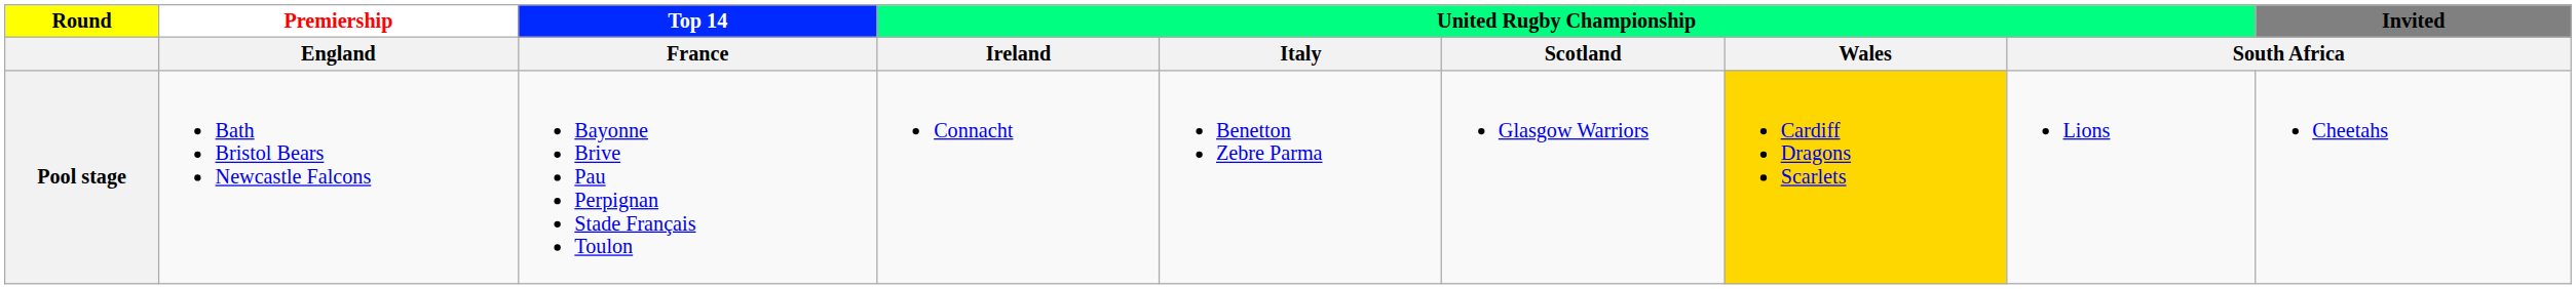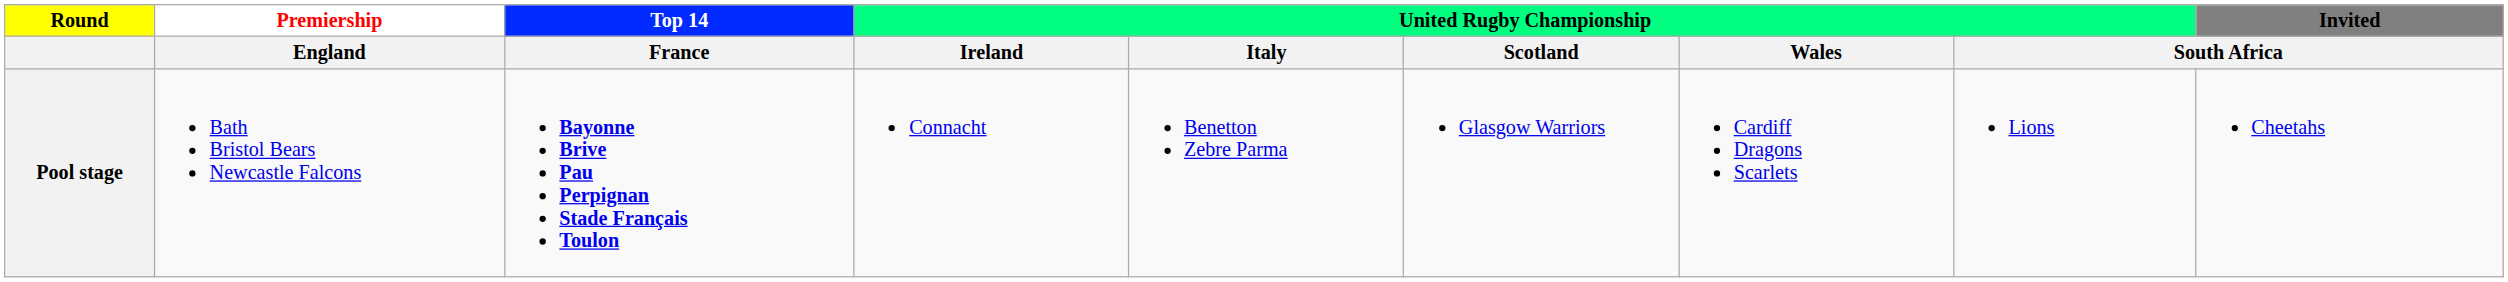 <table class="wikitable" style="width:100%">
 <tr>
 <th style="background:#ffff00">Round</th>
 <th style="background: #FFFFFF; color:red; text-align:center;">Premiership</th>
 <th style="background: #002AFF; color:white; text-align:center;">Top 14</th>
 <th style="background:#00FF80" colspan="5">United Rugby Championship</th>
 <th style="background:#808080; color:Black; text-align:center;">Invited</th>
 </tr>
 <tr>
 <th width="6%"></th>
 <th width="14%"> England</th>
 <th width="14%"> France</th>
 <th width="11%"> Ireland</th>
 <th width="11%"> Italy</th>
 <th width="11%"> Scotland</th>
 <th width="11%"> Wales</th>
 <th colspan=2> South Africa</th>
 </tr>
 <tr>
 <th align=center valign=center>Pool stage</th>
 <td valign=top><br><ul><li><a href='#'>Bath</a></li><li><a href='#'>Bristol Bears</a></li><li><a href='#'>Newcastle Falcons</a></li></ul></td>
-<td valign=top><br><ul><li><a href='#'>Bayonne</a></li><li><a href='#'>Brive</a></li><li><a href='#'>Pau</a></li><li><a href='#'>Perpignan</a></li><li><a href='#'>Stade Français</a></li><li><a href='#'>Toulon</a></li></ul></td>
+<td valign=top><strong><br><ul><li><a href='#'>Bayonne</a></li><li><a href='#'>Brive</a></li><li><a href='#'>Pau</a></li><li><a href='#'>Perpignan</a></li><li><a href='#'>Stade Français</a></li><li><a href='#'>Toulon</a></li></ul></strong></td>
 <td valign=top><br><ul><li><a href='#'>Connacht</a></li></ul></td>
 <td valign=top><br><ul><li><a href='#'>Benetton</a></li><li><a href='#'>Zebre Parma</a></li></ul></td>
 <td valign=top><br><ul><li><a href='#'>Glasgow Warriors</a></li></ul></td>
-<td valign=top style="background: gold;"><br><ul><li><a href='#'>Cardiff</a></li><li><a href='#'>Dragons</a></li><li><a href='#'>Scarlets</a></li></ul></td>
+<td valign=top><br><ul><li><a href='#'>Cardiff</a></li><li><a href='#'>Dragons</a></li><li><a href='#'>Scarlets</a></li></ul></td>
 <td valign=top><br><ul><li><a href='#'>Lions</a></li></ul></td>
 <td valign=top><br><ul><li><a href='#'>Cheetahs</a></li></ul></td>
 </tr>
 </table>
